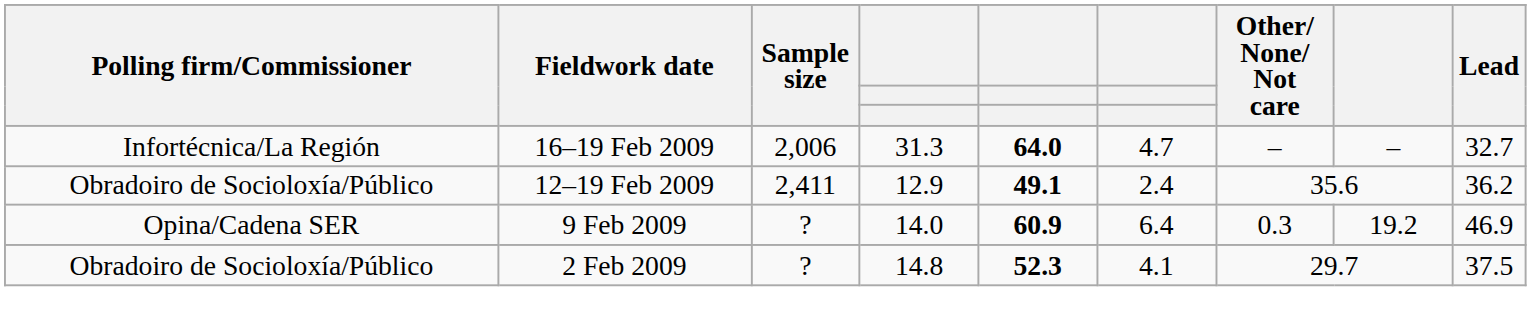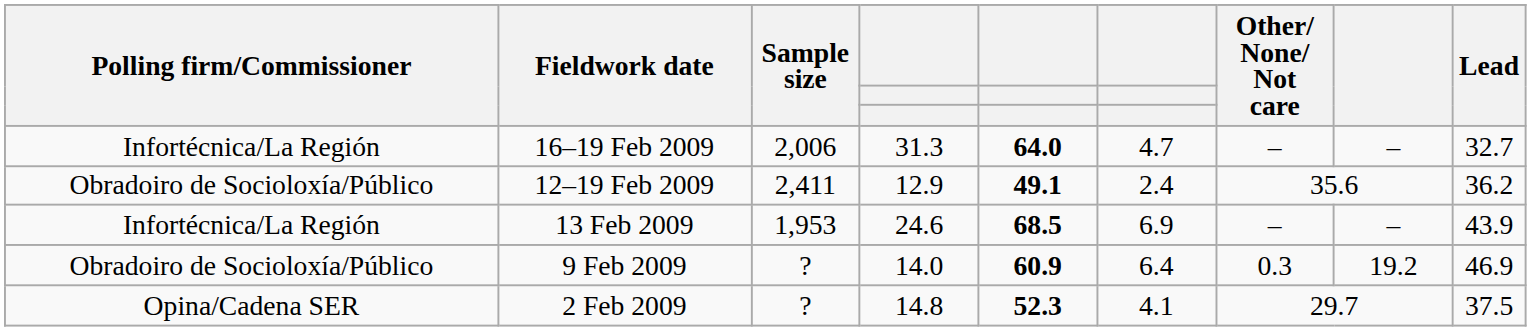 <table class="wikitable collapsible collapsed" style="text-align:center; font-size:90%; line-height:14px;">
 <tr style="height:42px;">
 <th style="width:250px;" rowspan="3">Polling firm/Commissioner</th>
 <th style="width:125px;" rowspan="3">Fieldwork date</th>
 <th style="width:50px;" rowspan="3">Sample size</th>
 <th style="width:55px;"></th>
 <th style="width:55px;"></th>
 <th style="width:55px;"></th>
 <th style="width:55px;" rowspan="3">Other/<br>None/<br>Not<br>care</th>
 <th style="width:55px;" rowspan="3"></th>
 <th style="width:30px;" rowspan="3">Lead</th>
 </tr>
 <tr>
 <th style="color:inherit;background:"></th>
 <th style="color:inherit;background:"></th>
 <th style="color:inherit;background:"></th>
 </tr>
 <tr>
 <th></th>
 <th></th>
 <th></th>
 </tr>
 <tr>
 <td>Infortécnica/La Región</td>
 <td>16–19 Feb 2009</td>
 <td>2,006</td>
 <td>31.3</td>
 <td><strong>64.0</strong></td>
 <td>4.7</td>
 <td>–</td>
 <td>–</td>
 <td style="background:">32.7</td>
 </tr>
 <tr>
 <td>Obradoiro de Socioloxía/Público</td>
 <td>12–19 Feb 2009</td>
 <td>2,411</td>
 <td>12.9</td>
 <td><strong>49.1</strong></td>
 <td>2.4</td>
 <td colspan="2">35.6</td>
 <td style="background:">36.2</td>
 </tr>
 <tr>
-<td>Opina/Cadena SER</td>
+<td>Infortécnica/La Región</td>
+<td>13 Feb 2009</td>
+<td>1,953</td>
+<td>24.6</td>
+<td><strong>68.5</strong></td>
+<td>6.9</td>
+<td>–</td>
+<td>–</td>
+<td style="background:">43.9</td>
+</tr>
+<tr>
+<td>Obradoiro de Socioloxía/Público</td>
 <td>9 Feb 2009</td>
 <td>?</td>
 <td>14.0</td>
 <td><strong>60.9</strong></td>
 <td>6.4</td>
 <td>0.3</td>
 <td>19.2</td>
 <td style="background:">46.9</td>
 </tr>
 <tr>
-<td>Obradoiro de Socioloxía/Público</td>
+<td>Opina/Cadena SER</td>
 <td>2 Feb 2009</td>
 <td>?</td>
 <td>14.8</td>
 <td><strong>52.3</strong></td>
 <td>4.1</td>
 <td colspan="2">29.7</td>
 <td style="background:">37.5</td>
 </tr>
 </table>
